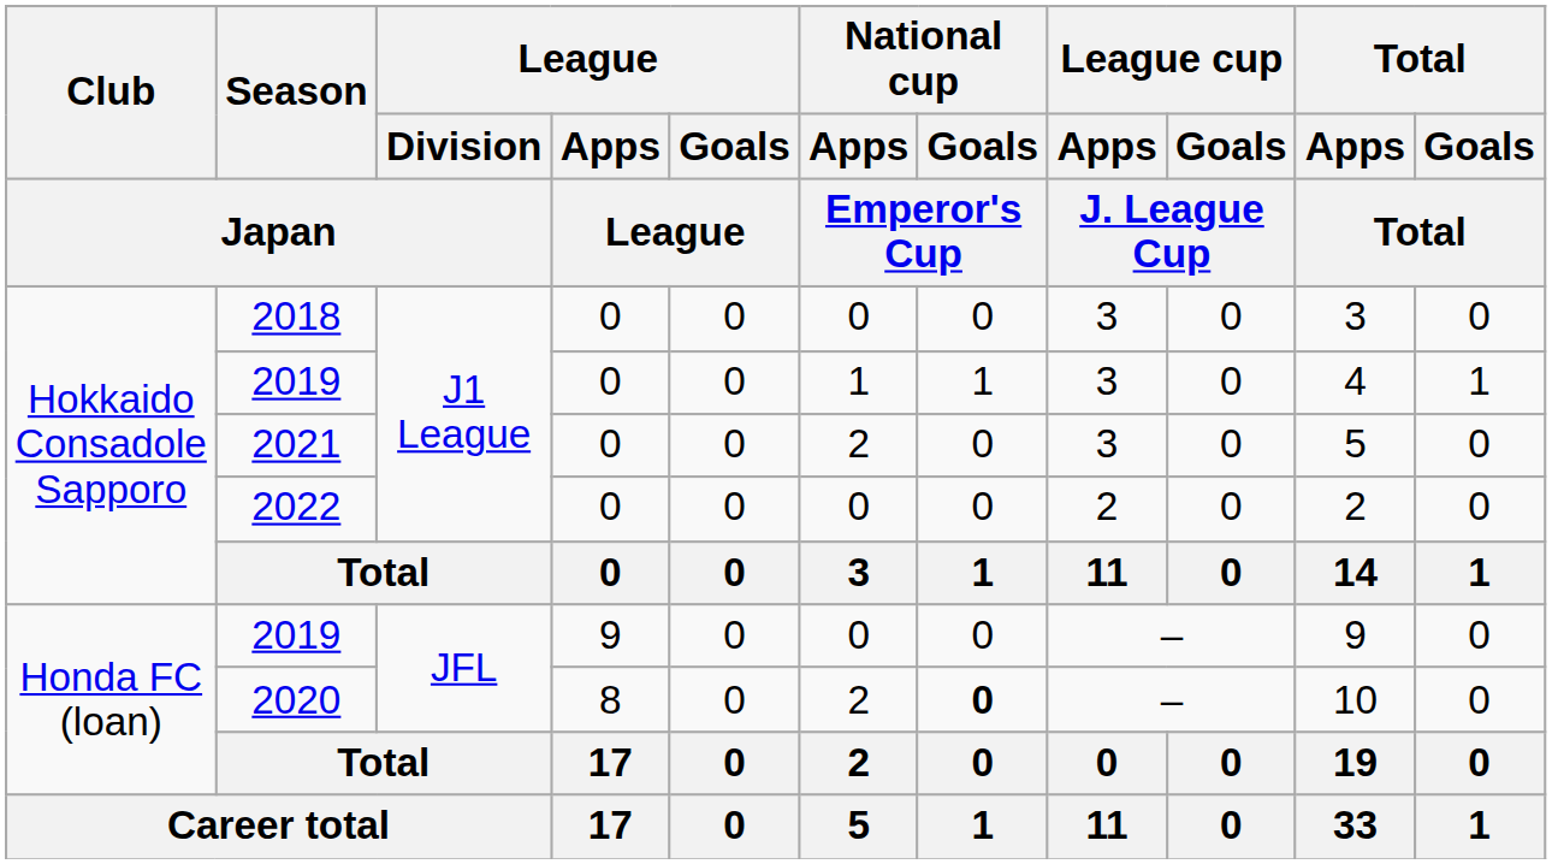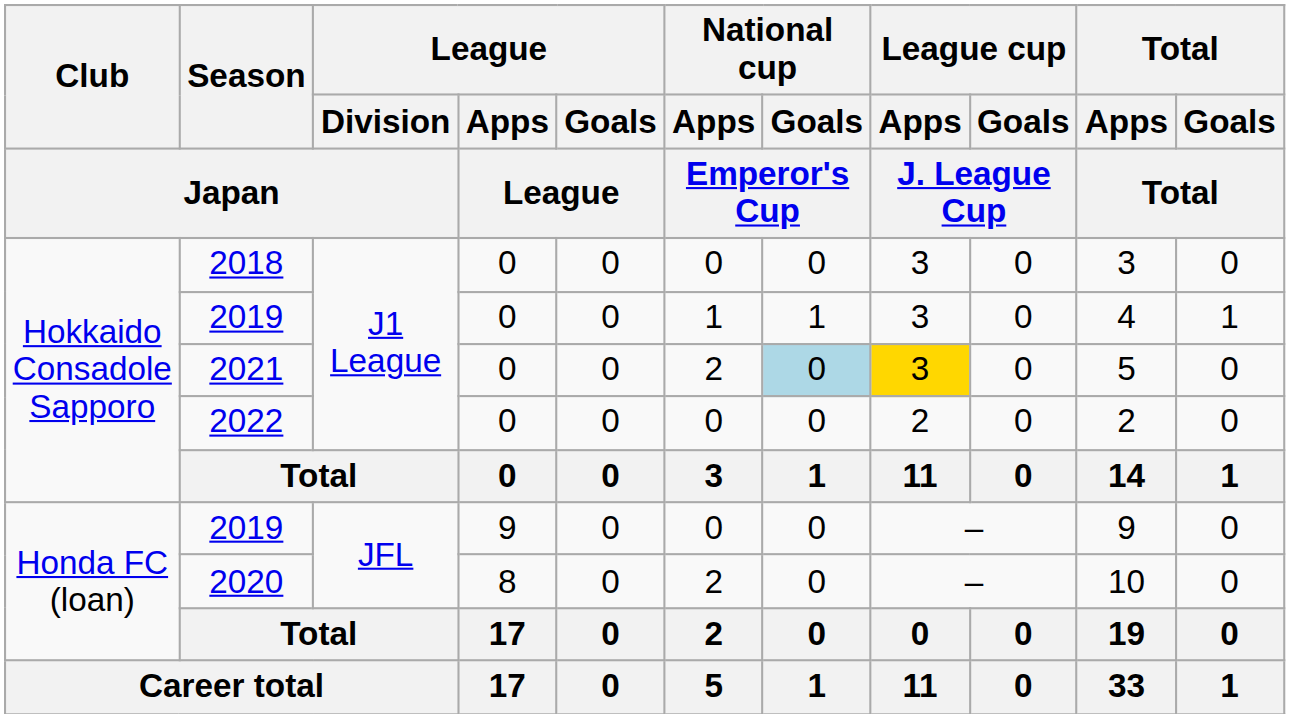 <table class="wikitable" style="text-align:center">
 <tr>
 <th rowspan=2>Club</th>
 <th rowspan=2>Season</th>
 <th colspan=3>League</th>
 <th colspan=2>National cup</th>
 <th colspan=2>League cup</th>
 <th colspan=2>Total</th>
 </tr>
 <tr>
 <th>Division</th>
 <th>Apps</th>
 <th>Goals</th>
 <th>Apps</th>
 <th>Goals</th>
 <th>Apps</th>
 <th>Goals</th>
 <th>Apps</th>
 <th>Goals</th>
 </tr>
 <tr>
 <th colspan=3>Japan</th>
 <th colspan=2>League</th>
 <th colspan=2><a href='#'>Emperor's Cup</a></th>
 <th colspan=2><a href='#'>J. League Cup</a></th>
 <th colspan=2>Total</th>
 </tr>
 <tr>
 <td rowspan="5"><a href='#'>Hokkaido Consadole Sapporo</a></td>
 <td><a href='#'>2018</a></td>
 <td rowspan="4"><a href='#'>J1 League</a></td>
 <td>0</td>
 <td>0</td>
 <td>0</td>
 <td>0</td>
 <td>3</td>
 <td>0</td>
 <td>3</td>
 <td>0</td>
 </tr>
 <tr>
 <td><a href='#'>2019</a></td>
 <td>0</td>
 <td>0</td>
 <td>1</td>
 <td>1</td>
 <td>3</td>
 <td>0</td>
 <td>4</td>
 <td>1</td>
 </tr>
 <tr>
 <td><a href='#'>2021</a></td>
 <td>0</td>
 <td>0</td>
 <td>2</td>
-<td>0</td>
-<td>3</td>
+<td style="background: lightblue;">0</td>
+<td style="background: gold;">3</td>
 <td>0</td>
 <td>5</td>
 <td>0</td>
 </tr>
 <tr>
 <td><a href='#'>2022</a></td>
 <td>0</td>
 <td>0</td>
 <td>0</td>
 <td>0</td>
 <td>2</td>
 <td>0</td>
 <td>2</td>
 <td>0</td>
 </tr>
 <tr>
 <th colspan="2">Total</th>
 <th>0</th>
 <th>0</th>
 <th>3</th>
 <th>1</th>
 <th>11</th>
 <th>0</th>
 <th>14</th>
 <th>1</th>
 </tr>
 <tr>
 <td rowspan="3"><a href='#'>Honda FC</a> (loan)</td>
 <td><a href='#'>2019</a></td>
 <td rowspan="2"><a href='#'>JFL</a></td>
 <td>9</td>
 <td>0</td>
 <td>0</td>
 <td>0</td>
 <td colspan="2">–</td>
 <td>9</td>
 <td>0</td>
 </tr>
 <tr>
 <td><a href='#'>2020</a></td>
 <td>8</td>
 <td>0</td>
 <td>2</td>
-<td><strong>0</strong></td>
+<td>0</td>
 <td colspan="2">–</td>
 <td>10</td>
 <td>0</td>
 </tr>
 <tr>
 <th colspan="2">Total</th>
 <th>17</th>
 <th>0</th>
 <th>2</th>
 <th>0</th>
 <th>0</th>
 <th>0</th>
 <th>19</th>
 <th>0</th>
 </tr>
 <tr>
 <th colspan=3>Career total</th>
 <th>17</th>
 <th>0</th>
 <th>5</th>
 <th>1</th>
 <th>11</th>
 <th>0</th>
 <th>33</th>
 <th>1</th>
 </tr>
 </table>
